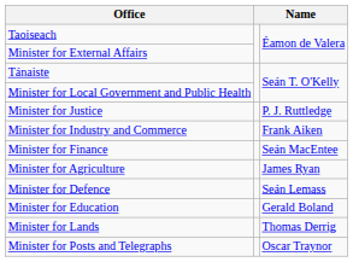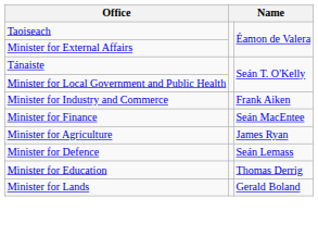 <table class="wikitable">
 <tr>
 <th>Office</th>
 <th colspan="2">Name</th>
 </tr>
 <tr>
 <td><a href='#'>Taoiseach</a></td>
 <td rowspan=2 style="background-color: "></td>
 <td rowspan=2><a href='#'>Éamon de Valera</a></td>
 </tr>
 <tr>
 <td><a href='#'>Minister for External Affairs</a></td>
 </tr>
 <tr>
 <td><a href='#'>Tánaiste</a></td>
 <td rowspan=2 style="background-color: "></td>
 <td rowspan=2><a href='#'>Seán T. O'Kelly</a></td>
 </tr>
 <tr>
 <td><a href='#'>Minister for Local Government and Public Health</a></td>
-</tr>
-<tr>
-<td><a href='#'>Minister for Justice</a></td>
-<td style="background-color: "></td>
-<td><a href='#'>P. J. Ruttledge</a></td>
 </tr>
 <tr>
 <td><a href='#'>Minister for Industry and Commerce</a></td>
 <td style="background-color: "></td>
 <td><a href='#'>Frank Aiken</a></td>
 </tr>
 <tr>
 <td><a href='#'>Minister for Finance</a></td>
 <td style="background-color: "></td>
 <td><a href='#'>Seán MacEntee</a></td>
 </tr>
 <tr>
 <td><a href='#'>Minister for Agriculture</a></td>
 <td style="background-color: "></td>
 <td><a href='#'>James Ryan</a></td>
 </tr>
 <tr>
 <td><a href='#'>Minister for Defence</a></td>
 <td style="background-color: "></td>
 <td><a href='#'>Seán Lemass</a></td>
 </tr>
 <tr>
 <td><a href='#'>Minister for Education</a></td>
 <td style="background-color: "></td>
-<td><a href='#'>Gerald Boland</a></td>
+<td><a href='#'>Thomas Derrig</a></td>
 </tr>
 <tr>
 <td><a href='#'>Minister for Lands</a></td>
 <td style="background-color: "></td>
-<td><a href='#'>Thomas Derrig</a></td>
-</tr>
-<tr>
-<td><a href='#'>Minister for Posts and Telegraphs</a></td>
-<td style="background-color: "></td>
-<td><a href='#'>Oscar Traynor</a></td>
+<td><a href='#'>Gerald Boland</a></td>
 </tr>
 </table>
